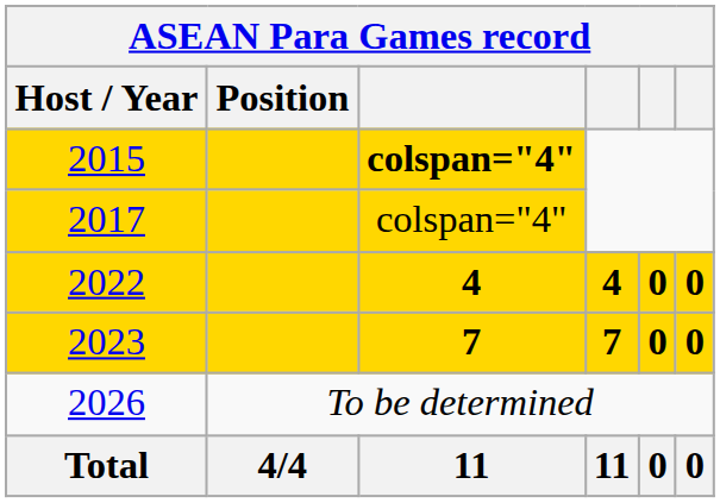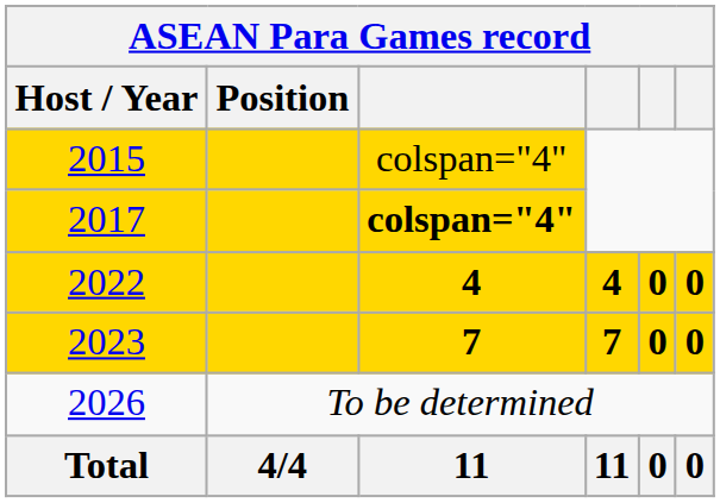 <table class="wikitable" style="text-align: center;">
 <tr>
 <th colspan=9><a href='#'>ASEAN Para Games record</a></th>
 </tr>
 <tr>
 <th>Host / Year</th>
 <th>Position</th>
 <th></th>
 <th></th>
 <th></th>
 <th></th>
 </tr>
 <tr bgcolor=gold>
 <td> <a href='#'>2015</a></td>
 <td></td>
-<td><strong>colspan="4" </strong></td>
+<td>colspan="4" </td>
 </tr>
 <tr bgcolor=gold>
 <td> <a href='#'>2017</a></td>
 <td></td>
-<td>colspan="4" </td>
+<td><strong>colspan="4" </strong></td>
 </tr>
 <tr bgcolor=gold>
 <td> <a href='#'>2022</a></td>
 <td></td>
 <td><strong>4</strong></td>
 <td><strong>4</strong></td>
 <td><strong>0</strong></td>
 <td><strong>0</strong></td>
 </tr>
 <tr bgcolor=gold>
 <td> <a href='#'>2023</a></td>
 <td></td>
 <td><strong>7</strong></td>
 <td><strong>7</strong></td>
 <td><strong>0</strong></td>
 <td><strong>0</strong></td>
 </tr>
 <tr bgcolor=>
 <td> <a href='#'>2026</a></td>
 <td colspan="5"><em>To be determined</em></td>
 </tr>
 <tr>
 <th>Total</th>
 <th>4/4</th>
 <th>11</th>
 <th>11</th>
 <th>0</th>
 <th>0</th>
 </tr>
 </table>
